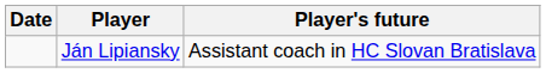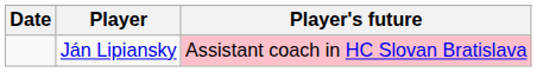 <table class="wikitable">
 <tr style="text-align:center; background:#ddd;">
 </tr>
 <tr>
 <th>Date</th>
 <th>Player</th>
 <th>Player's future</th>
 </tr>
 <tr>
 <td></td>
 <td> <a href='#'>Ján Lipiansky</a></td>
-<td>Assistant coach in <a href='#'>HC Slovan Bratislava</a></td>
+<td style="background: pink;">Assistant coach in <a href='#'>HC Slovan Bratislava</a></td>
 </tr>
 </table>
